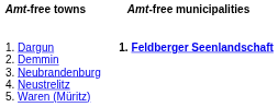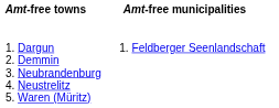 <table>
 <tr ---->
 <th><em>Amt</em>-free towns</th>
 <th><em>Amt</em>-free municipalities</th>
 </tr>
 <tr>
 <td valign=top><br><ol><li><a href='#'>Dargun</a></li><li><a href='#'>Demmin</a></li><li><a href='#'>Neubrandenburg</a></li><li><a href='#'>Neustrelitz</a></li><li><a href='#'>Waren (Müritz)</a></li></ol></td>
-<td valign=top><strong><br><ol><li><a href='#'>Feldberger Seenlandschaft</a></li></ol></strong></td>
+<td valign=top><br><ol><li><a href='#'>Feldberger Seenlandschaft</a></li></ol></td>
 </tr>
 </table>
